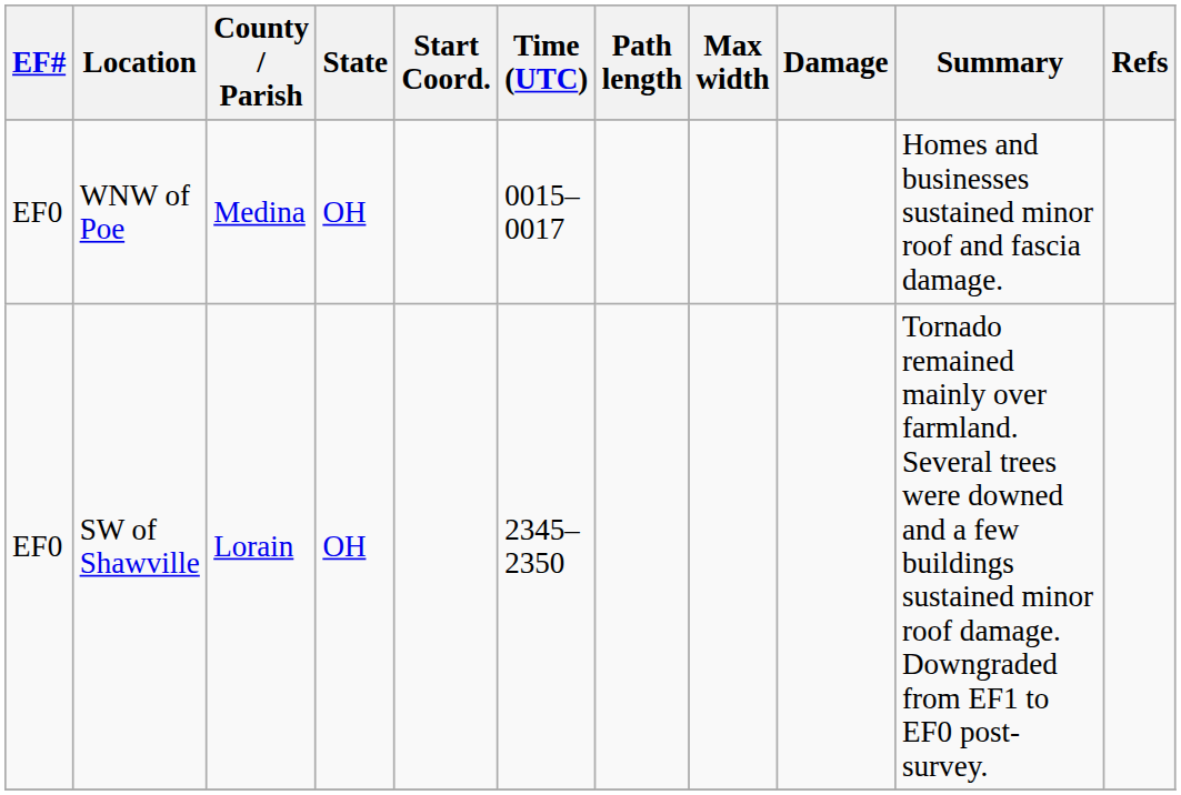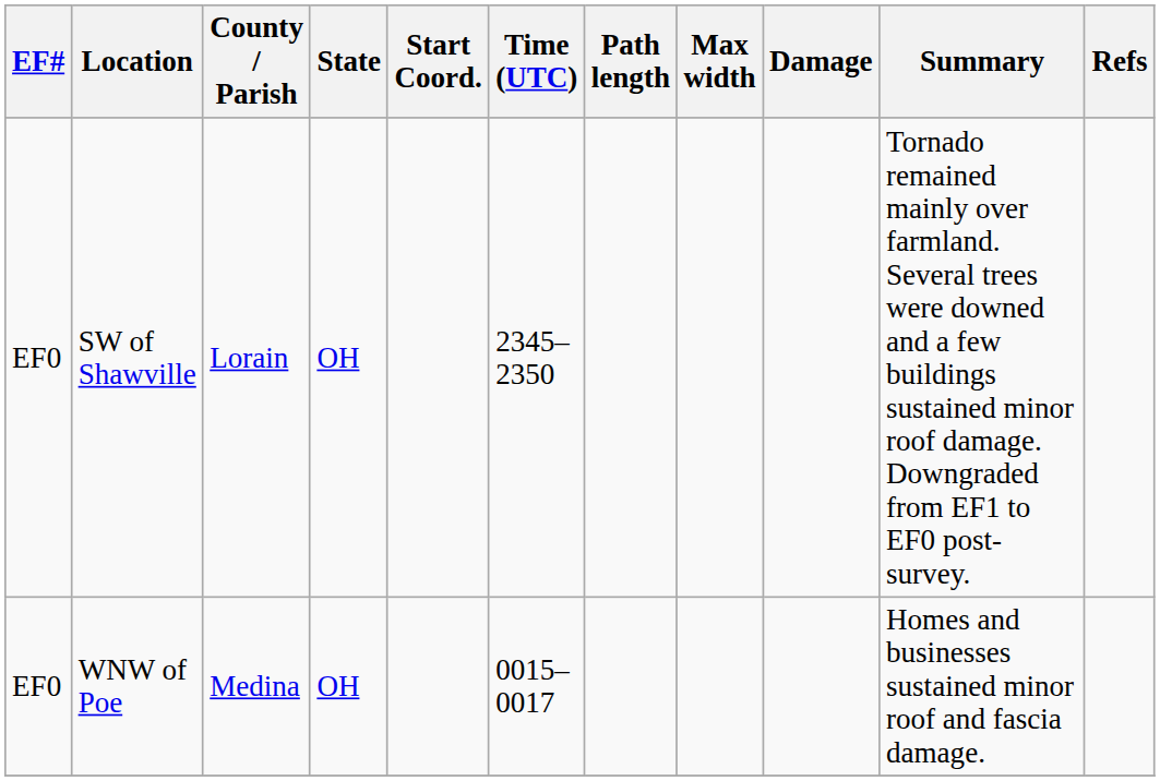 <table class="wikitable sortable" style="width:100%;">
 <tr>
 <th scope="col" width="3%" align="center"><a href='#'>EF#</a></th>
 <th scope="col" width="7%" align="center" class="unsortable">Location</th>
 <th scope="col" width="6%" align="center" class="unsortable">County / Parish</th>
 <th scope="col" width="5%" align="center">State</th>
 <th scope="col" width="6%" align="center">Start Coord.</th>
 <th scope="col" width="6%" align="center">Time (<a href='#'>UTC</a>)</th>
 <th scope="col" width="6%" align="center">Path length</th>
 <th scope="col" width="6%" align="center">Max width</th>
 <th scope="col" width="6%" align="center">Damage</th>
 <th scope="col" width="48%" class="unsortable" align="center">Summary</th>
 <th scope="col" width="48%" class="unsortable" align="center">Refs</th>
 </tr>
 <tr>
 <td>EF0</td>
+<td>SW of <a href='#'>Shawville</a></td>
+<td><a href='#'>Lorain</a></td>
+<td><a href='#'>OH</a></td>
+<td></td>
+<td>2345–2350</td>
+<td></td>
+<td></td>
+<td></td>
+<td>Tornado remained mainly over farmland. Several trees were downed and a few buildings sustained minor roof damage. Downgraded from EF1 to EF0 post-survey.</td>
+<td></td>
+</tr>
+<tr>
+<td>EF0</td>
 <td>WNW of <a href='#'>Poe</a></td>
 <td><a href='#'>Medina</a></td>
 <td><a href='#'>OH</a></td>
 <td></td>
 <td>0015–0017</td>
 <td></td>
 <td></td>
 <td></td>
 <td>Homes and businesses sustained minor roof and fascia damage.</td>
 <td></td>
 </tr>
 <tr>
-<td>EF0</td>
-<td>SW of <a href='#'>Shawville</a></td>
-<td><a href='#'>Lorain</a></td>
-<td><a href='#'>OH</a></td>
-<td></td>
-<td>2345–2350</td>
-<td></td>
-<td></td>
-<td></td>
-<td>Tornado remained mainly over farmland. Several trees were downed and a few buildings sustained minor roof damage. Downgraded from EF1 to EF0 post-survey.</td>
-<td></td>
-</tr>
-<tr>
 </tr>
 </table>
